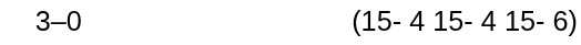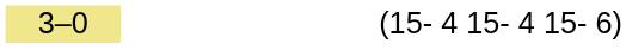 <table>
 <tr>
 <th width=200></th>
 <th width=200></th>
 <th width=80></th>
 <th width=200></th>
 <th width=220></th>
 </tr>
 <tr>
 <td align=right></td>
 <td align=right><strong></strong></td>
-<td align=center>3–0</td>
+<td align=center style="background: khaki;">3–0</td>
 <td></td>
 <td>(15- 4 15- 4 15- 6)</td>
 </tr>
 </table>
